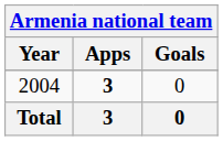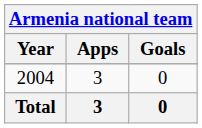 <table class="wikitable" style="text-align:center">
 <tr>
 <th colspan=3><a href='#'>Armenia national team</a></th>
 </tr>
 <tr>
 <th>Year</th>
 <th>Apps</th>
 <th>Goals</th>
 </tr>
 <tr>
 </tr>
 <tr>
 <td>2004</td>
-<td><strong>3</strong></td>
+<td>3</td>
 <td>0</td>
 </tr>
 <tr>
 <th>Total</th>
 <th>3</th>
 <th>0</th>
 </tr>
 </table>
